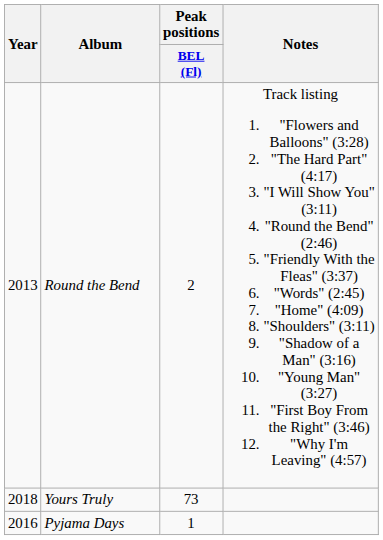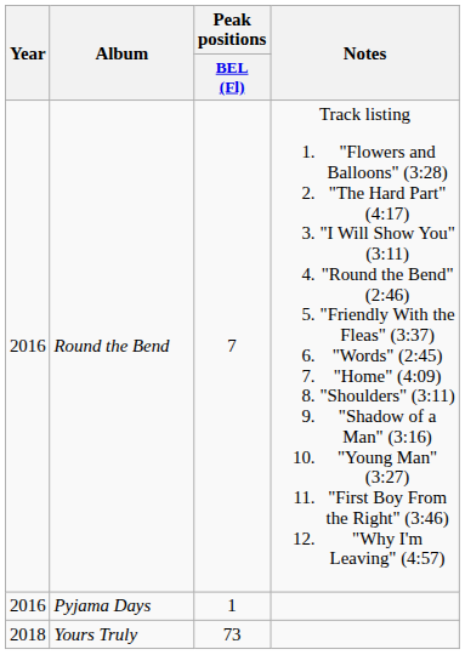 <table class="wikitable">
 <tr>
 <th align="center" rowspan="2" width="10">Year</th>
 <th align="center" rowspan="2" width="120">Album</th>
 <th align="center" colspan="1" width="20">Peak positions</th>
 <th align="center" rowspan="2" width="160">Notes</th>
 </tr>
 <tr>
 <th scope="col" style="width:3em;font-size:90%;"><a href='#'>BEL <br>(Fl)</a><br></th>
 </tr>
 <tr>
-<td style="text-align:center;">2013</td>
+<td style="text-align:center;">2016</td>
 <td><em>Round the Bend</em></td>
-<td style="text-align:center;">2</td>
+<td style="text-align:center;">7</td>
 <td style="text-align:center;">Track listing<br><ol><li>"Flowers and Balloons" (3:28)</li><li>"The Hard Part" (4:17)</li><li>"I Will Show You" (3:11)</li><li>"Round the Bend" (2:46)</li><li>"Friendly With the Fleas" (3:37)</li><li>"Words" (2:45)</li><li>"Home" (4:09)</li><li>"Shoulders" (3:11)</li><li>"Shadow of a Man" (3:16)</li><li>"Young Man" (3:27)</li><li>"First Boy From the Right" (3:46)</li><li>"Why I'm Leaving" (4:57)</li></ol></td>
+</tr>
+<tr>
+<td style="text-align:center;">2016</td>
+<td><em>Pyjama Days</em></td>
+<td style="text-align:center;">1</td>
+<td style="text-align:center;"></td>
 </tr>
 <tr>
 <td style="text-align:center;">2018</td>
 <td><em>Yours Truly</em></td>
 <td style="text-align:center;">73</td>
 <td style="text-align:center;"></td>
 </tr>
-<tr>
-<td style="text-align:center;">2016</td>
-<td><em>Pyjama Days</em></td>
-<td style="text-align:center;">1</td>
-<td style="text-align:center;"></td>
-</tr>
 </table>
